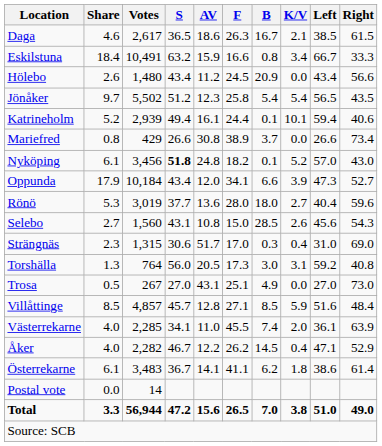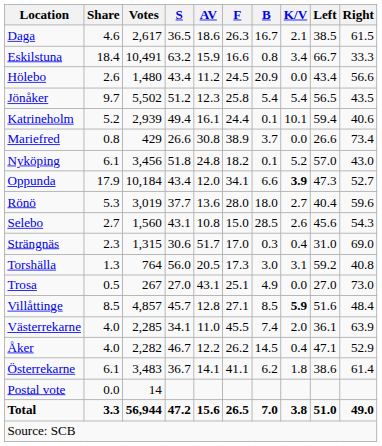 <table class="wikitable sortable" style=text-align:right>
 <tr>
 <th>Location</th>
 <th>Share</th>
 <th>Votes</th>
 <th><a href='#'>S</a></th>
 <th><a href='#'>AV</a></th>
 <th><a href='#'>F</a></th>
 <th><a href='#'>B</a></th>
 <th><a href='#'>K/V</a></th>
 <th>Left</th>
 <th>Right</th>
 </tr>
 <tr>
 <td align=left><a href='#'>Daga</a></td>
 <td>4.6</td>
 <td>2,617</td>
 <td>36.5</td>
 <td>18.6</td>
 <td>26.3</td>
 <td>16.7</td>
 <td>2.1</td>
 <td>38.5</td>
 <td>61.5</td>
 </tr>
 <tr>
 <td align=left><a href='#'>Eskilstuna</a></td>
 <td>18.4</td>
 <td>10,491</td>
 <td>63.2</td>
 <td>15.9</td>
 <td>16.6</td>
 <td>0.8</td>
 <td>3.4</td>
 <td>66.7</td>
 <td>33.3</td>
 </tr>
 <tr>
 <td align=left><a href='#'>Hölebo</a></td>
 <td>2.6</td>
 <td>1,480</td>
 <td>43.4</td>
 <td>11.2</td>
 <td>24.5</td>
 <td>20.9</td>
 <td>0.0</td>
 <td>43.4</td>
 <td>56.6</td>
 </tr>
 <tr>
 <td align=left><a href='#'>Jönåker</a></td>
 <td>9.7</td>
 <td>5,502</td>
 <td>51.2</td>
 <td>12.3</td>
 <td>25.8</td>
 <td>5.4</td>
 <td>5.4</td>
 <td>56.5</td>
 <td>43.5</td>
 </tr>
 <tr>
 <td align=left><a href='#'>Katrineholm</a></td>
 <td>5.2</td>
 <td>2,939</td>
 <td>49.4</td>
 <td>16.1</td>
 <td>24.4</td>
 <td>0.1</td>
 <td>10.1</td>
 <td>59.4</td>
 <td>40.6</td>
 </tr>
 <tr>
 <td align=left><a href='#'>Mariefred</a></td>
 <td>0.8</td>
 <td>429</td>
 <td>26.6</td>
 <td>30.8</td>
 <td>38.9</td>
 <td>3.7</td>
 <td>0.0</td>
 <td>26.6</td>
 <td>73.4</td>
 </tr>
 <tr>
 <td align=left><a href='#'>Nyköping</a></td>
 <td>6.1</td>
 <td>3,456</td>
-<td><strong>51.8</strong></td>
+<td>51.8</td>
 <td>24.8</td>
 <td>18.2</td>
 <td>0.1</td>
 <td>5.2</td>
 <td>57.0</td>
 <td>43.0</td>
 </tr>
 <tr>
 <td align=left><a href='#'>Oppunda</a></td>
 <td>17.9</td>
 <td>10,184</td>
 <td>43.4</td>
 <td>12.0</td>
 <td>34.1</td>
 <td>6.6</td>
-<td>3.9</td>
+<td><strong>3.9</strong></td>
 <td>47.3</td>
 <td>52.7</td>
 </tr>
 <tr>
 <td align=left><a href='#'>Rönö</a></td>
 <td>5.3</td>
 <td>3,019</td>
 <td>37.7</td>
 <td>13.6</td>
 <td>28.0</td>
 <td>18.0</td>
 <td>2.7</td>
 <td>40.4</td>
 <td>59.6</td>
 </tr>
 <tr>
 <td align=left><a href='#'>Selebo</a></td>
 <td>2.7</td>
 <td>1,560</td>
 <td>43.1</td>
 <td>10.8</td>
 <td>15.0</td>
 <td>28.5</td>
 <td>2.6</td>
 <td>45.6</td>
 <td>54.3</td>
 </tr>
 <tr>
 <td align=left><a href='#'>Strängnäs</a></td>
 <td>2.3</td>
 <td>1,315</td>
 <td>30.6</td>
 <td>51.7</td>
 <td>17.0</td>
 <td>0.3</td>
 <td>0.4</td>
 <td>31.0</td>
 <td>69.0</td>
 </tr>
 <tr>
 <td align=left><a href='#'>Torshälla</a></td>
 <td>1.3</td>
 <td>764</td>
 <td>56.0</td>
 <td>20.5</td>
 <td>17.3</td>
 <td>3.0</td>
 <td>3.1</td>
 <td>59.2</td>
 <td>40.8</td>
 </tr>
 <tr>
 <td align=left><a href='#'>Trosa</a></td>
 <td>0.5</td>
 <td>267</td>
 <td>27.0</td>
 <td>43.1</td>
 <td>25.1</td>
 <td>4.9</td>
 <td>0.0</td>
 <td>27.0</td>
 <td>73.0</td>
 </tr>
 <tr>
 <td align=left><a href='#'>Villåttinge</a></td>
 <td>8.5</td>
 <td>4,857</td>
 <td>45.7</td>
 <td>12.8</td>
 <td>27.1</td>
 <td>8.5</td>
-<td>5.9</td>
+<td><strong>5.9</strong></td>
 <td>51.6</td>
 <td>48.4</td>
 </tr>
 <tr>
 <td align=left><a href='#'>Västerrekarne</a></td>
 <td>4.0</td>
 <td>2,285</td>
 <td>34.1</td>
 <td>11.0</td>
 <td>45.5</td>
 <td>7.4</td>
 <td>2.0</td>
 <td>36.1</td>
 <td>63.9</td>
 </tr>
 <tr>
 <td align=left><a href='#'>Åker</a></td>
 <td>4.0</td>
 <td>2,282</td>
 <td>46.7</td>
 <td>12.2</td>
 <td>26.2</td>
 <td>14.5</td>
 <td>0.4</td>
 <td>47.1</td>
 <td>52.9</td>
 </tr>
 <tr>
 <td align=left><a href='#'>Österrekarne</a></td>
 <td>6.1</td>
 <td>3,483</td>
 <td>36.7</td>
 <td>14.1</td>
 <td>41.1</td>
 <td>6.2</td>
 <td>1.8</td>
 <td>38.6</td>
 <td>61.4</td>
 </tr>
 <tr>
 <td align=left><a href='#'>Postal vote</a></td>
 <td>0.0</td>
 <td>14</td>
 <td></td>
 <td></td>
 <td></td>
 <td></td>
 <td></td>
 <td></td>
 <td></td>
 </tr>
 <tr>
 <td align=left><strong>Total</strong></td>
 <td><strong>3.3</strong></td>
 <td><strong>56,944</strong></td>
 <td><strong>47.2</strong></td>
 <td><strong>15.6</strong></td>
 <td><strong>26.5</strong></td>
 <td><strong>7.0</strong></td>
 <td><strong>3.8</strong></td>
 <td><strong>51.0</strong></td>
 <td><strong>49.0</strong></td>
 </tr>
 <tr>
 <td align=left colspan=10>Source: SCB </td>
 </tr>
 </table>
